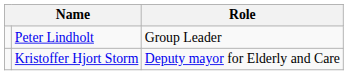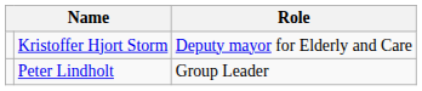 <table class="wikitable">
 <tr>
 <th colspan="2">Name</th>
 <th>Role</th>
 </tr>
 <tr>
 <td width="1"></td>
+<td><a href='#'>Kristoffer Hjort Storm</a> </td>
+<td><a href='#'>Deputy mayor</a> for Elderly and Care</td>
+</tr>
+<tr>
+<td width="1"></td>
 <td><a href='#'>Peter Lindholt</a> </td>
 <td>Group Leader</td>
 </tr>
-<tr>
-<td width="1"></td>
-<td><a href='#'>Kristoffer Hjort Storm</a> </td>
-<td><a href='#'>Deputy mayor</a> for Elderly and Care</td>
-</tr>
 </table>
